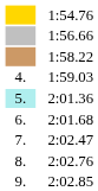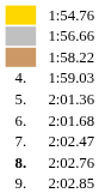 <table style="text-align:center">
 <tr>
 <td width=30 bgcolor=gold></td>
 <td align=left></td>
 <td width=60>1:54.76</td>
 </tr>
 <tr>
 <td bgcolor=silver></td>
 <td align=left></td>
 <td>1:56.66</td>
 </tr>
 <tr>
 <td bgcolor=cc9966></td>
 <td align=left></td>
 <td>1:58.22</td>
 </tr>
 <tr>
 <td>4.</td>
 <td align=left></td>
 <td>1:59.03</td>
 </tr>
 <tr>
-<td style="background: paleturquoise;">5.</td>
+<td>5.</td>
 <td align=left></td>
 <td>2:01.36</td>
 </tr>
 <tr>
 <td>6.</td>
 <td align=left></td>
 <td>2:01.68</td>
 </tr>
 <tr>
 <td>7.</td>
 <td align=left></td>
 <td>2:02.47</td>
 </tr>
 <tr>
-<td>8.</td>
+<td><strong>8.</strong></td>
 <td align=left></td>
 <td>2:02.76</td>
 </tr>
 <tr>
 <td>9.</td>
 <td align=left></td>
 <td>2:02.85</td>
 </tr>
 </table>
